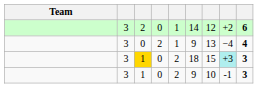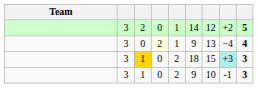 <table class="wikitable" style="text-align: center;">
 <tr>
 <th width="175">Team</th>
 <th width="20"></th>
 <th width="20"></th>
 <th width="20"></th>
 <th width="20"></th>
 <th width="20"></th>
 <th width="20"></th>
 <th width="20"></th>
 <th width="20"></th>
 </tr>
 <tr bgcolor="#ccffcc">
 <td align=left></td>
 <td>3</td>
 <td>2</td>
 <td>0</td>
 <td>1</td>
 <td>14</td>
 <td>12</td>
 <td>+2</td>
-<td><strong>6</strong></td>
+<td><strong>5</strong></td>
 </tr>
 <tr>
 <td align=left></td>
 <td>3</td>
 <td>0</td>
-<td>2</td>
+<td style="background: lightyellow;">2</td>
 <td>1</td>
 <td>9</td>
 <td>13</td>
 <td>−4</td>
 <td><strong>4</strong></td>
 </tr>
 <tr>
 <td align=left></td>
 <td>3</td>
 <td style="background: gold;">1</td>
 <td>0</td>
 <td>2</td>
 <td>18</td>
 <td>15</td>
 <td style="background: paleturquoise;">+3</td>
 <td><strong>3</strong></td>
 </tr>
 <tr>
 <td align=left></td>
 <td>3</td>
 <td>1</td>
 <td>0</td>
 <td>2</td>
 <td>9</td>
 <td>10</td>
 <td>-1</td>
 <td><strong>3</strong></td>
 </tr>
 </table>
